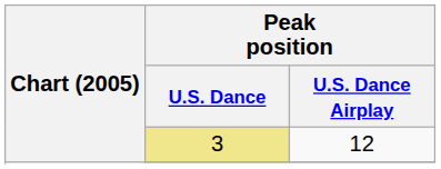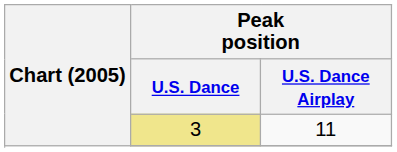 <table class="wikitable" text-align: center">
 <tr>
 <th rowspan="4">Chart (2005)</th>
 <th colspan="6">Peak<br>position</th>
 </tr>
 <tr>
 <th style="width:6em;"><small><a href='#'>U.S. Dance</a></small></th>
 <th style="width:6em;"><small><a href='#'>U.S. Dance Airplay</a></small></th>
 </tr>
 <tr>
 <td align="center" style="background: khaki;">3</td>
-<td align="center">12</td>
+<td align="center">11</td>
 </tr>
 <tr>
 </tr>
 </table>
